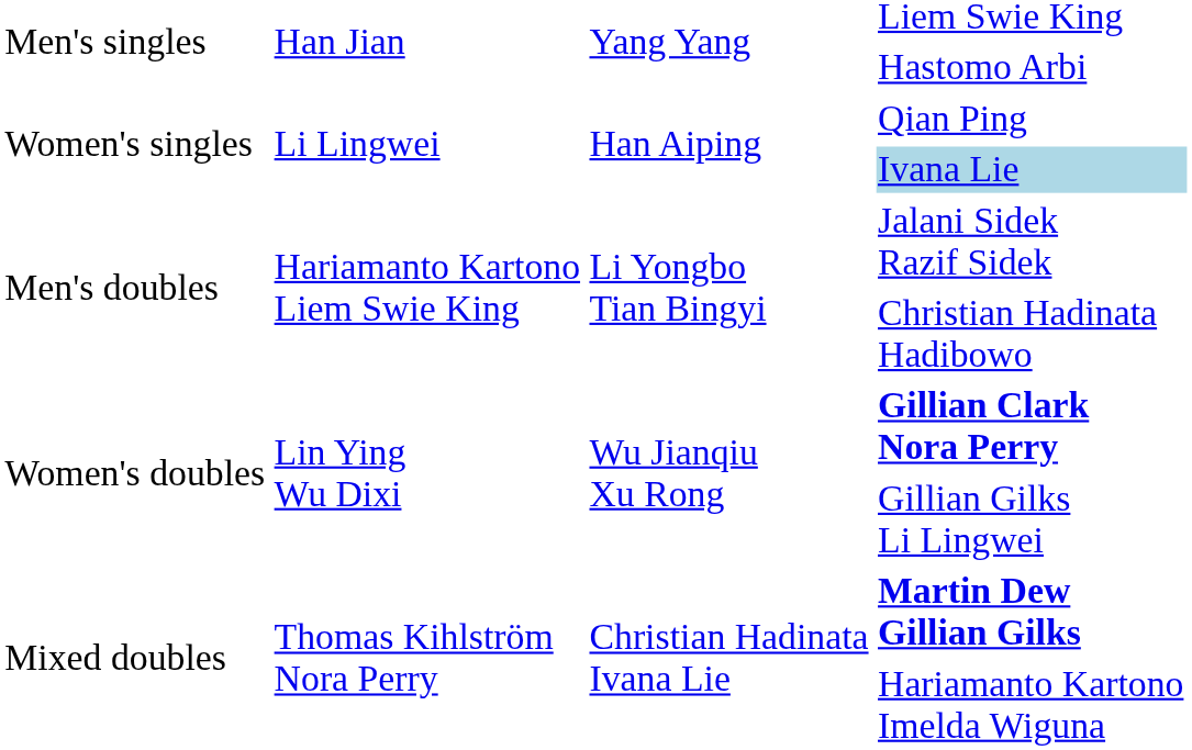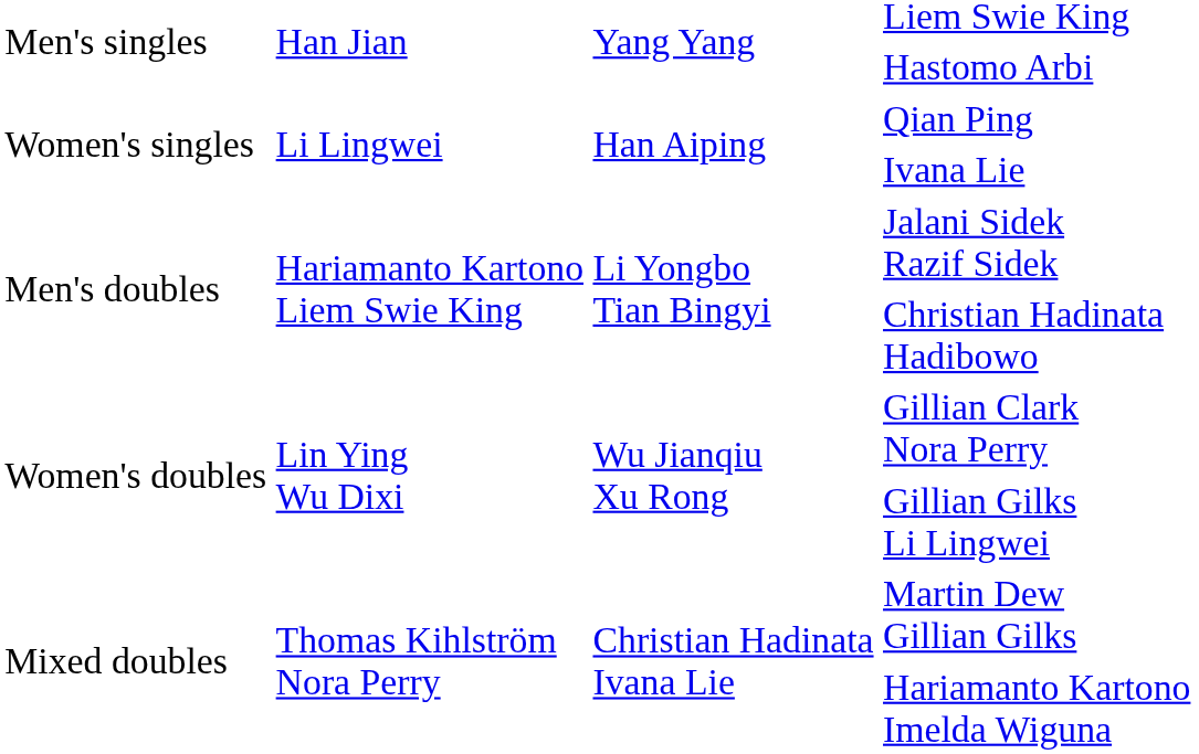 <table>
 <tr>
 <td rowspan=2>Men's singles</td>
 <td rowspan=2> <a href='#'>Han Jian</a></td>
 <td rowspan=2> <a href='#'>Yang Yang</a></td>
 <td> <a href='#'>Liem Swie King</a></td>
 </tr>
 <tr>
 <td> <a href='#'>Hastomo Arbi</a></td>
 </tr>
 <tr>
 <td rowspan=2>Women's singles</td>
 <td rowspan=2> <a href='#'>Li Lingwei</a></td>
 <td rowspan=2> <a href='#'>Han Aiping</a></td>
 <td> <a href='#'>Qian Ping</a></td>
 </tr>
 <tr>
-<td style="background: lightblue;"> <a href='#'>Ivana Lie</a></td>
+<td> <a href='#'>Ivana Lie</a></td>
 </tr>
 <tr>
 <td rowspan=2>Men's doubles</td>
 <td rowspan=2> <a href='#'>Hariamanto Kartono</a> <br>  <a href='#'>Liem Swie King</a></td>
 <td rowspan=2> <a href='#'>Li Yongbo</a> <br>  <a href='#'>Tian Bingyi</a></td>
 <td> <a href='#'>Jalani Sidek</a> <br>  <a href='#'>Razif Sidek</a></td>
 </tr>
 <tr>
 <td> <a href='#'>Christian Hadinata</a> <br>  <a href='#'>Hadibowo</a></td>
 </tr>
 <tr>
 <td rowspan=2>Women's doubles</td>
 <td rowspan=2> <a href='#'>Lin Ying</a> <br>  <a href='#'>Wu Dixi</a></td>
 <td rowspan=2> <a href='#'>Wu Jianqiu</a> <br>  <a href='#'>Xu Rong</a></td>
-<td><strong> <a href='#'>Gillian Clark</a> <br>  <a href='#'>Nora Perry</a></strong></td>
+<td> <a href='#'>Gillian Clark</a> <br>  <a href='#'>Nora Perry</a></td>
 </tr>
 <tr>
 <td> <a href='#'>Gillian Gilks</a> <br>  <a href='#'>Li Lingwei</a></td>
 </tr>
 <tr>
 <td rowspan=2>Mixed doubles</td>
 <td rowspan=2> <a href='#'>Thomas Kihlström</a> <br>  <a href='#'>Nora Perry</a></td>
 <td rowspan=2> <a href='#'>Christian Hadinata</a> <br>  <a href='#'>Ivana Lie</a></td>
-<td><strong> <a href='#'>Martin Dew</a> <br>  <a href='#'>Gillian Gilks</a></strong></td>
+<td> <a href='#'>Martin Dew</a> <br>  <a href='#'>Gillian Gilks</a></td>
 </tr>
 <tr>
 <td> <a href='#'>Hariamanto Kartono</a> <br>  <a href='#'>Imelda Wiguna</a></td>
 </tr>
 </table>
